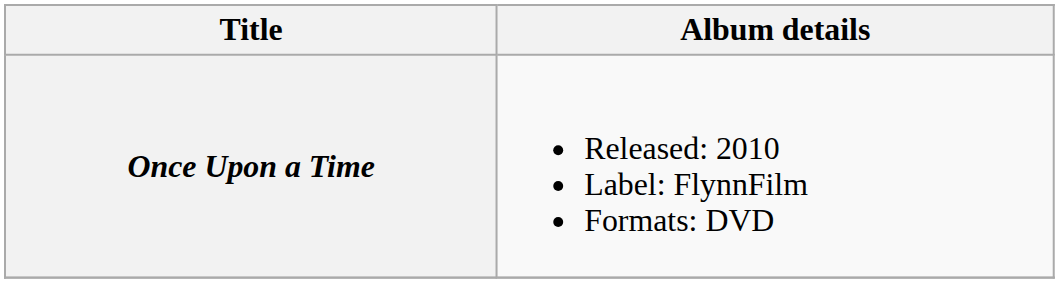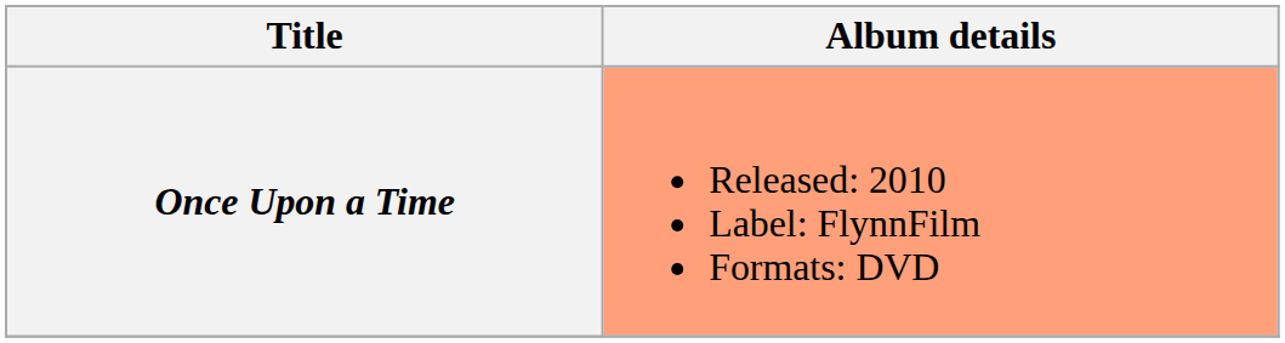 <table class="wikitable plainrowheaders" style="text-align:center;">
 <tr>
 <th rowspan="1" style="width:15em;">Title</th>
 <th rowspan="1" style="width:17em;">Album details</th>
 </tr>
 <tr>
 <th scope="row"><em>Once Upon a Time</em></th>
-<td align="left"><br><ul><li>Released: 2010</li><li>Label: FlynnFilm</li><li>Formats: DVD</li></ul></td>
+<td align="left" style="background: lightsalmon;"><br><ul><li>Released: 2010</li><li>Label: FlynnFilm</li><li>Formats: DVD</li></ul></td>
 </tr>
 <tr>
 </tr>
 </table>
